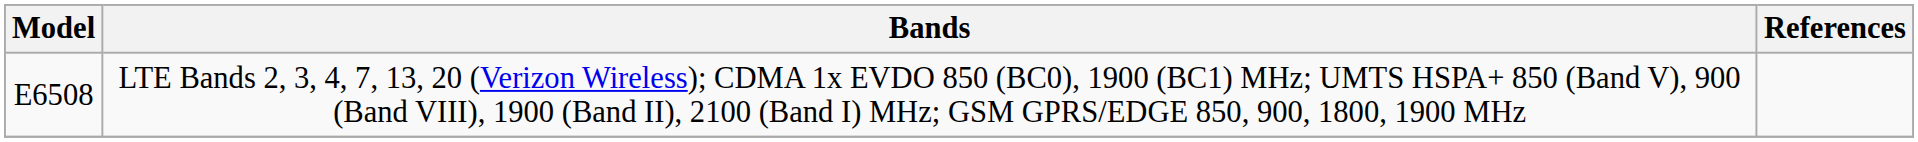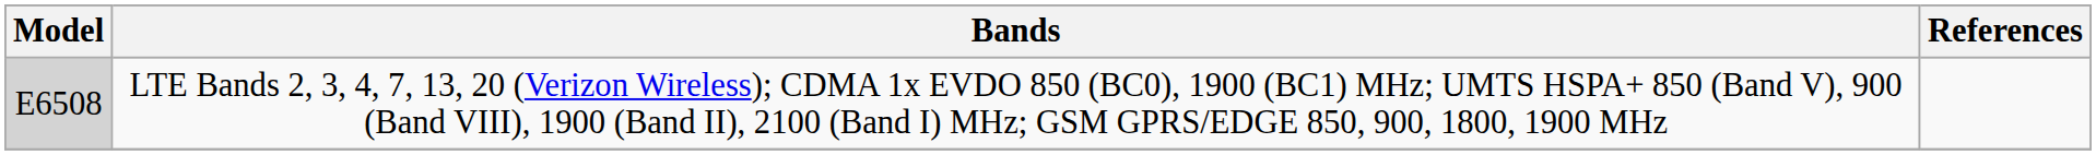 <table class="wikitable" style="width:1000px">
 <tr>
 <th width="10">Model</th>
 <th>Bands</th>
 <th>References</th>
 </tr>
 <tr>
-<td align="center">E6508</td>
+<td align="center" style="background: lightgrey;">E6508</td>
 <td align="center">LTE Bands 2, 3, 4, 7, 13, 20 (<a href='#'>Verizon Wireless</a>); CDMA 1x EVDO 850 (BC0), 1900 (BC1) MHz; UMTS HSPA+ 850 (Band V), 900 (Band VIII), 1900 (Band II), 2100 (Band I) MHz; GSM GPRS/EDGE 850, 900, 1800, 1900 MHz</td>
 <td align="center"></td>
 </tr>
 <tr>
 </tr>
 </table>
